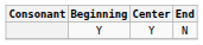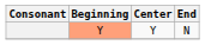 <table class="wikitable" style="margin: 1em auto 1em auto; text-align: center;">
 <tr>
 <th colspan=1>Consonant</th>
 <th>Beginning</th>
 <th>Center</th>
 <th>End</th>
 </tr>
 <tr>
 <th></th>
-<td>Y</td>
+<td style="background: lightsalmon;">Y</td>
 <td>Y</td>
 <td>N</td>
 </tr>
 <tr>
 </tr>
 </table>
